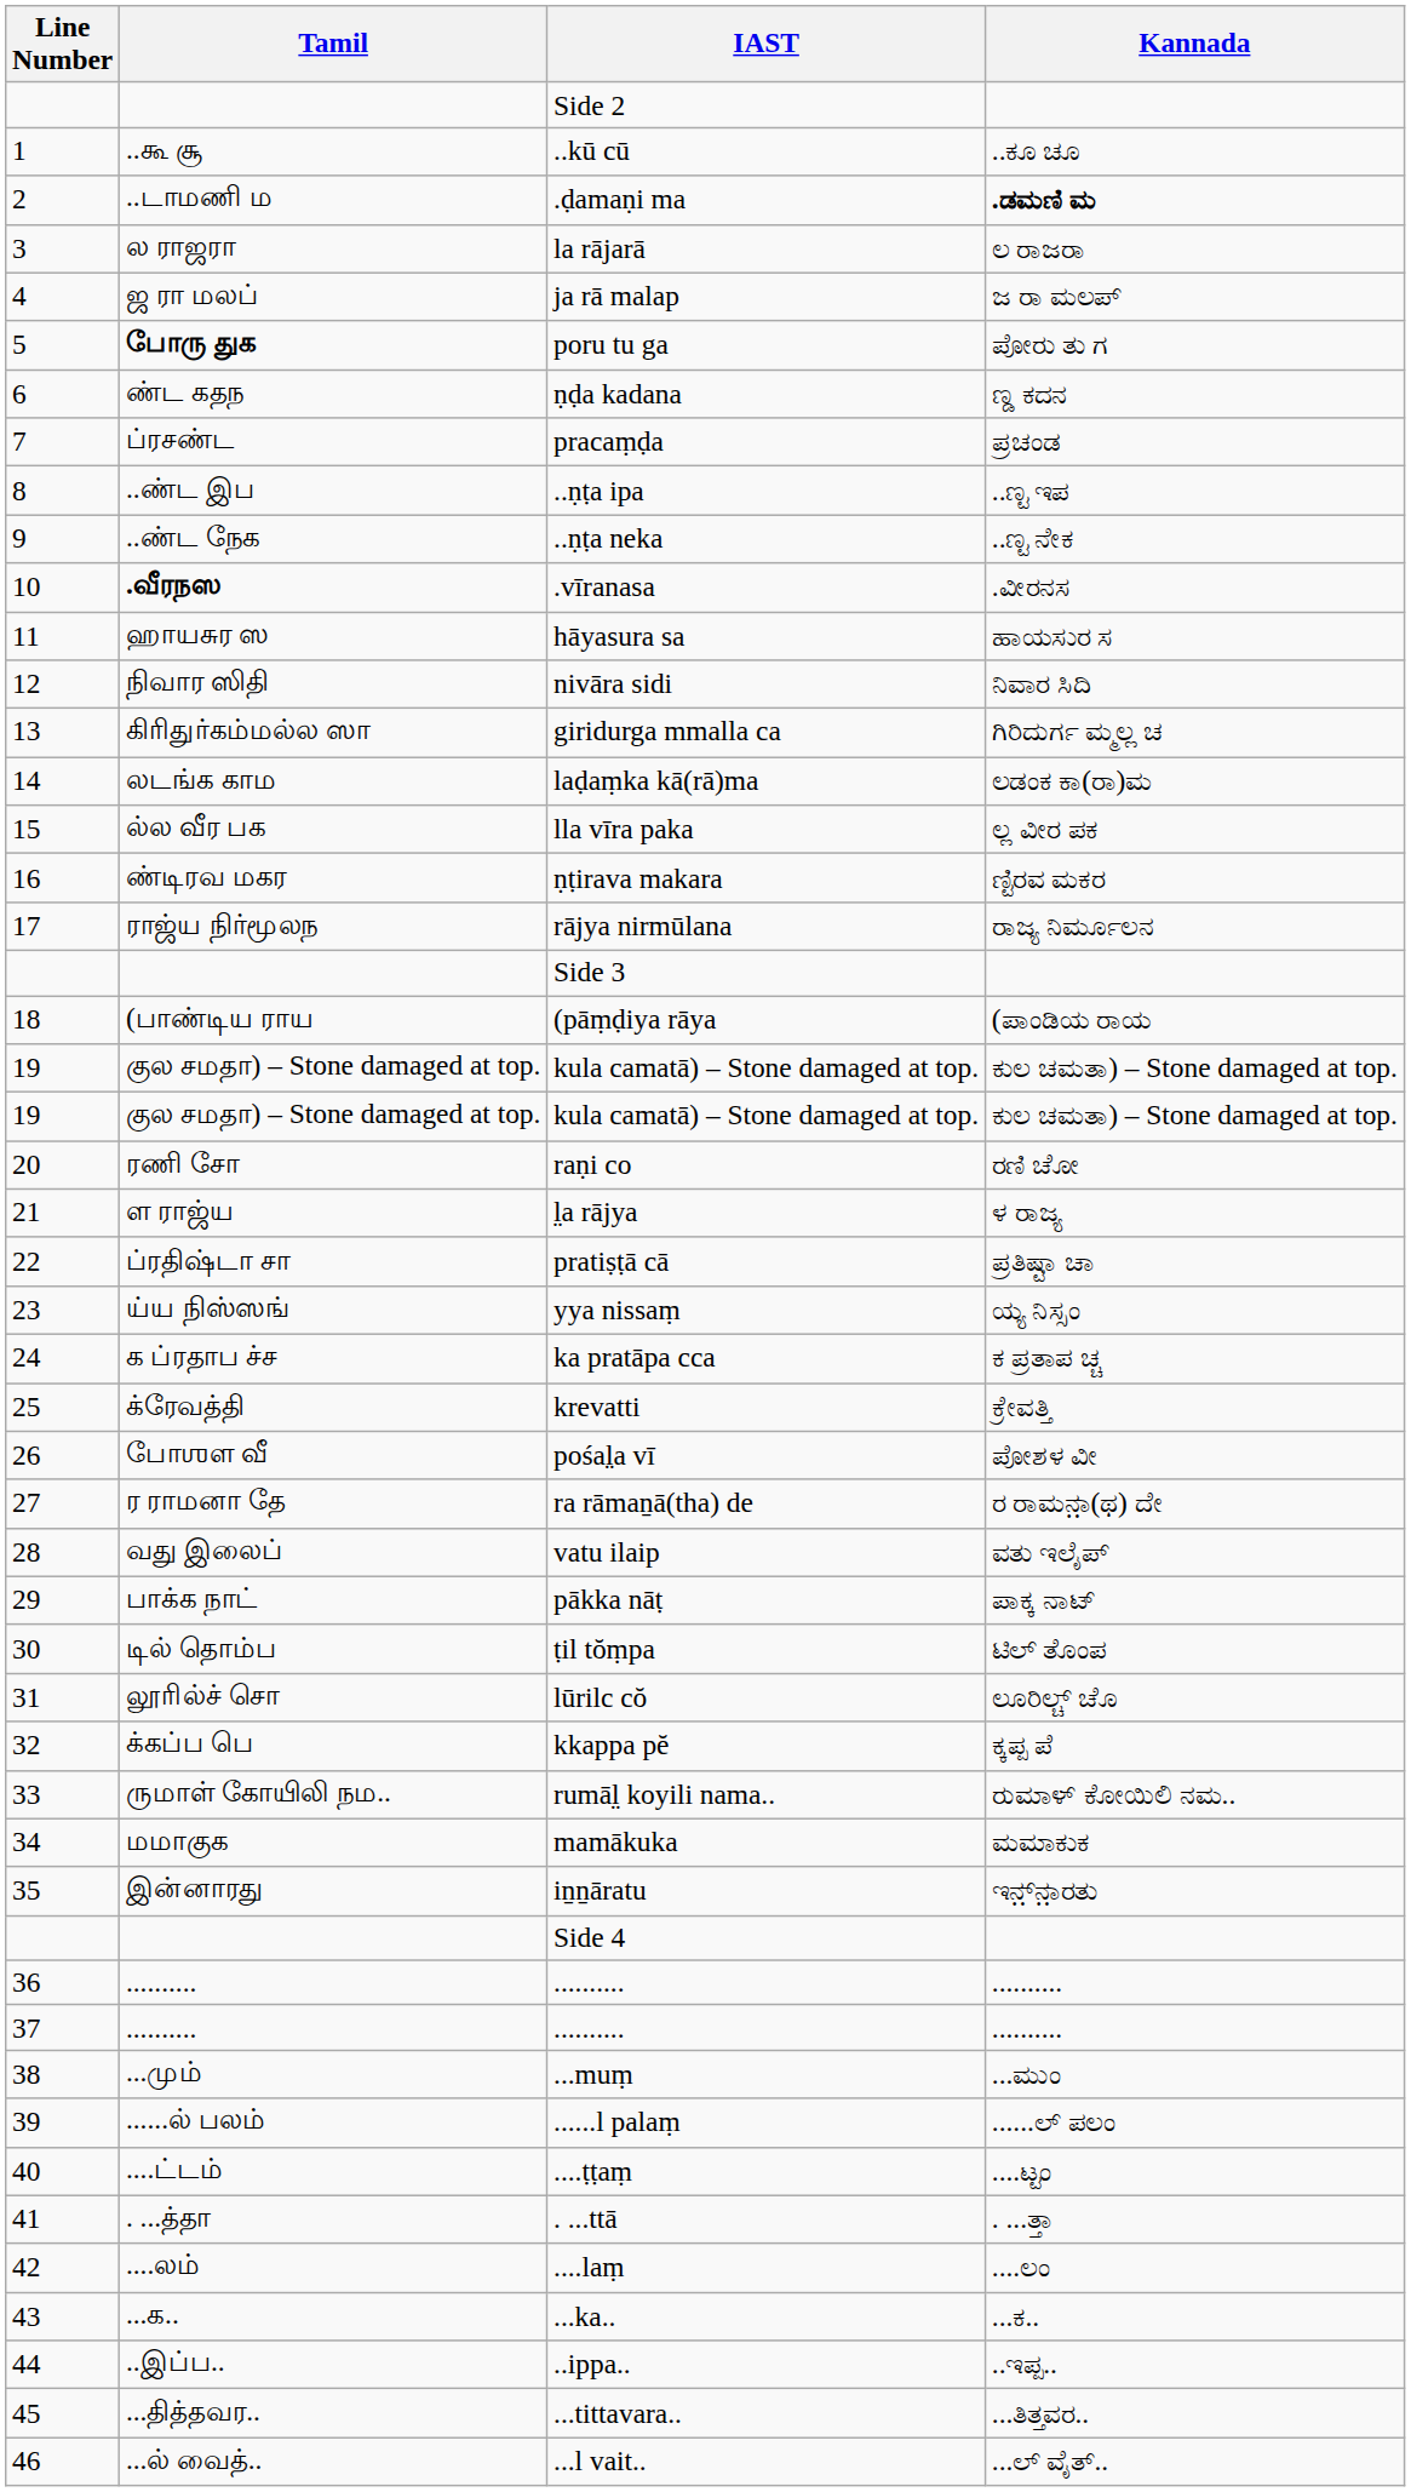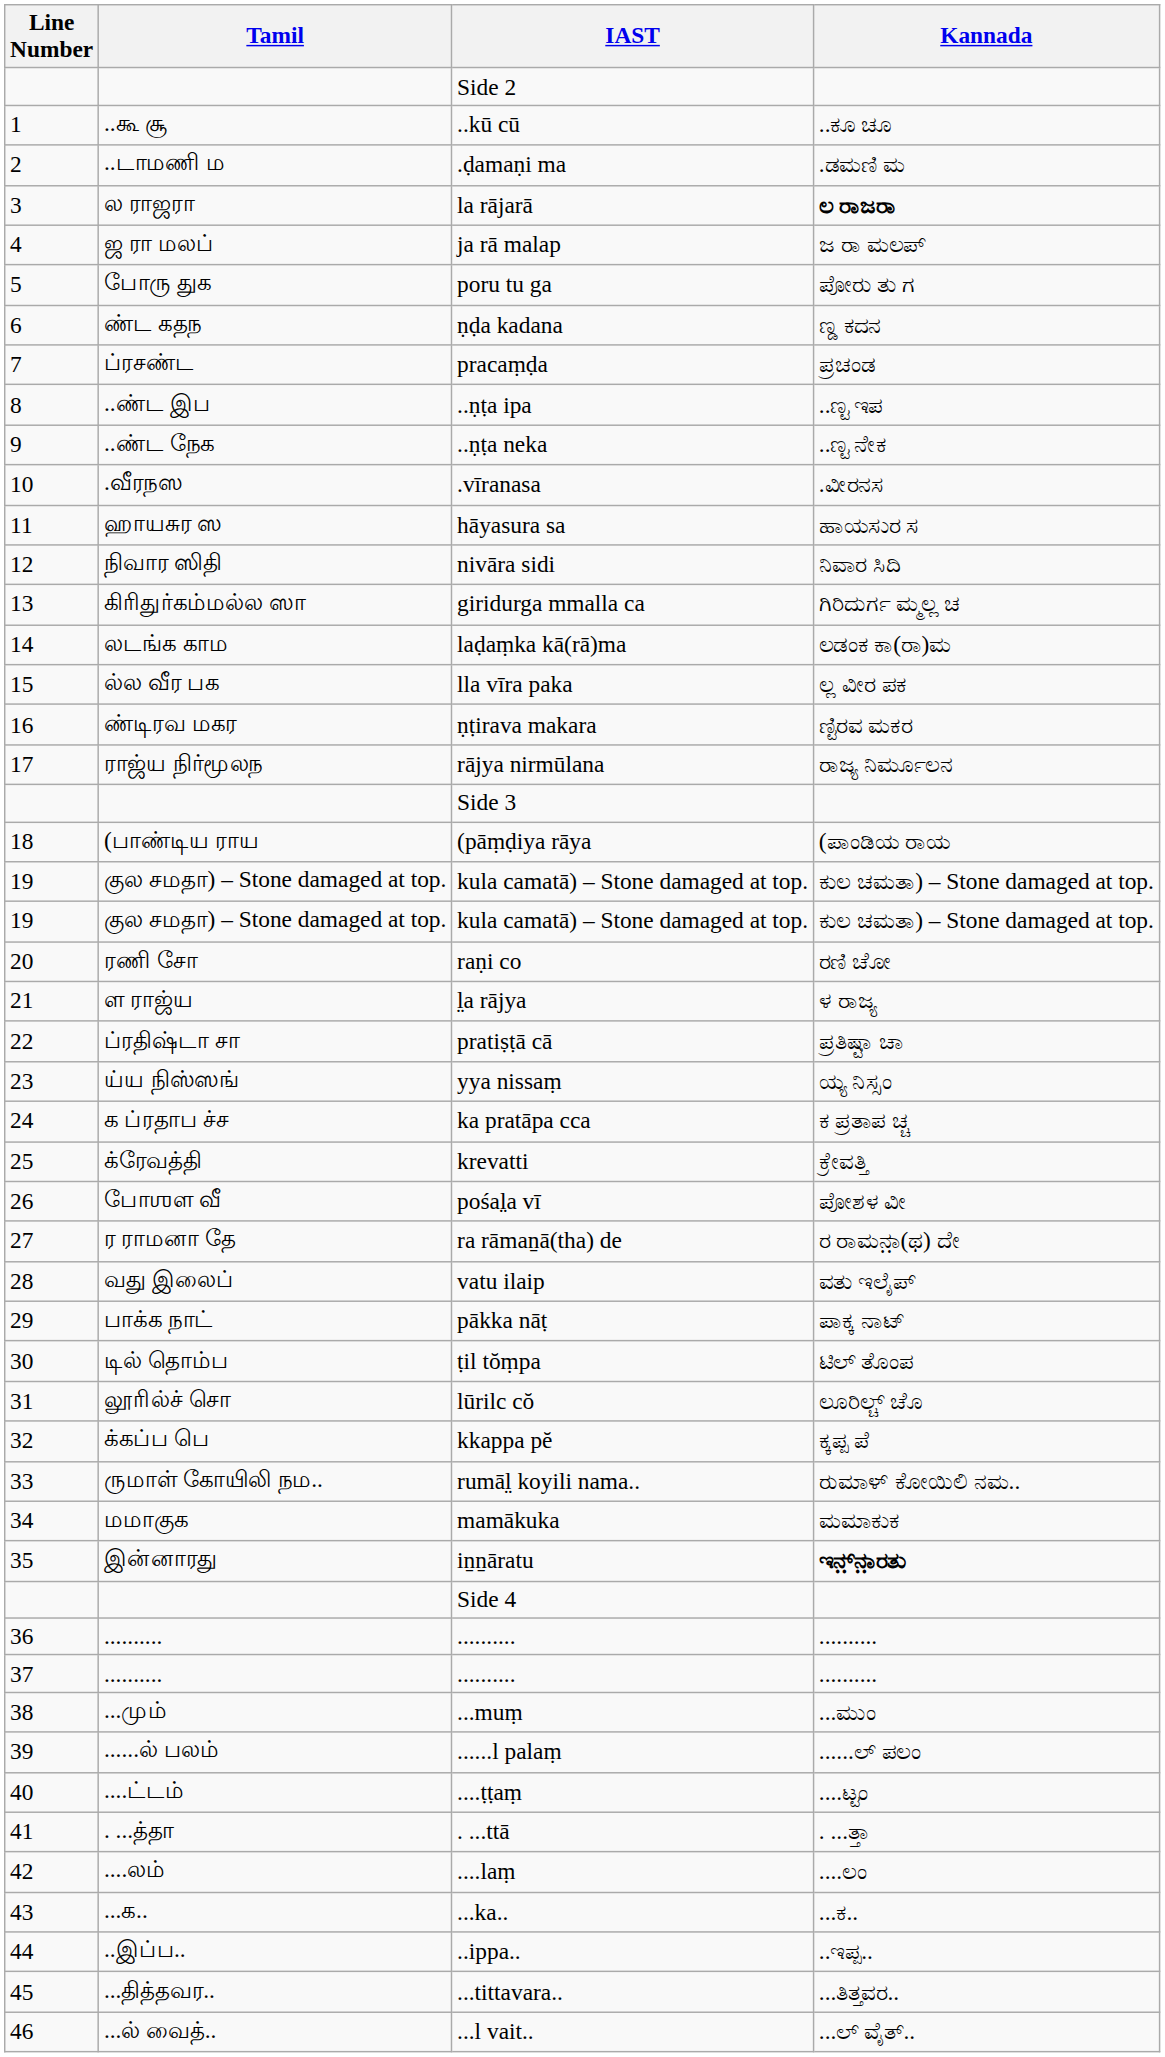 <table class="wikitable">
 <tr>
 <th>Line<br>Number</th>
 <th><a href='#'>Tamil</a></th>
 <th><a href='#'>IAST</a></th>
 <th><a href='#'>Kannada</a></th>
 </tr>
 <tr>
 <td></td>
 <td></td>
 <td>Side 2</td>
 <td></td>
 </tr>
 <tr>
 <td>1</td>
 <td>..கூ சூ</td>
 <td>..kū cū</td>
 <td>..ಕೂ ಚೂ</td>
 </tr>
 <tr>
 <td>2</td>
 <td>..டாமணி ம</td>
 <td>.ḍamaṇi ma</td>
-<td><strong>.ಡಮಣಿ ಮ</strong></td>
+<td>.ಡಮಣಿ ಮ</td>
 </tr>
 <tr>
 <td>3</td>
 <td>ல ராஜரா</td>
 <td>la rājarā</td>
-<td>ಲ ರಾಜರಾ</td>
+<td><strong>ಲ ರಾಜರಾ</strong></td>
 </tr>
 <tr>
 <td>4</td>
 <td>ஜ ரா மலப்</td>
 <td>ja rā malap</td>
 <td>ಜ ರಾ ಮಲಪ್</td>
 </tr>
 <tr>
 <td>5</td>
-<td><strong>போரு துக</strong></td>
+<td>போரு துக</td>
 <td>poru tu ga</td>
 <td>ಪೋರು ತು ಗ</td>
 </tr>
 <tr>
 <td>6</td>
 <td>ண்ட கதந</td>
 <td>ṇḍa kadana</td>
 <td>ಣ್ಡ ಕದನ</td>
 </tr>
 <tr>
 <td>7</td>
 <td>ப்ரசண்ட</td>
 <td>pracaṃḍa</td>
 <td>ಪ್ರಚಂಡ</td>
 </tr>
 <tr>
 <td>8</td>
 <td>..ண்ட இப</td>
 <td>..ṇṭa ipa</td>
 <td>..ಣ್ಟ ಇಪ</td>
 </tr>
 <tr>
 <td>9</td>
 <td>..ண்ட நேக</td>
 <td>..ṇṭa neka</td>
 <td>..ಣ್ಟ ನೇಕ</td>
 </tr>
 <tr>
 <td>10</td>
-<td><strong>.வீரநஸ</strong></td>
+<td>.வீரநஸ</td>
 <td>.vīranasa</td>
 <td>.ವೀರನಸ</td>
 </tr>
 <tr>
 <td>11</td>
 <td>ஹாயசுர ஸ</td>
 <td>hāyasura sa</td>
 <td>ಹಾಯಸುರ ಸ</td>
 </tr>
 <tr>
 <td>12</td>
 <td>நிவார ஸிதி</td>
 <td>nivāra sidi</td>
 <td>ನಿವಾರ ಸಿದಿ</td>
 </tr>
 <tr>
 <td>13</td>
 <td>கிரிதுர்கம்மல்ல ஸா</td>
 <td>giridurga mmalla ca</td>
 <td>ಗಿರಿದುರ್ಗ ಮ್ಮಲ್ಲ ಚ</td>
 </tr>
 <tr>
 <td>14</td>
 <td>லடங்க காம</td>
 <td>laḍaṃka kā(rā)ma</td>
 <td>ಲಡಂಕ ಕಾ(ರಾ)ಮ</td>
 </tr>
 <tr>
 <td>15</td>
 <td>ல்ல வீர பக</td>
 <td>lla vīra paka</td>
 <td>ಲ್ಲ ವೀರ ಪಕ</td>
 </tr>
 <tr>
 <td>16</td>
 <td>ண்டிரவ மகர</td>
 <td>ṇṭirava makara</td>
 <td>ಣ್ಟಿರವ ಮಕರ</td>
 </tr>
 <tr>
 <td>17</td>
 <td>ராஜ்ய நிர்மூலந</td>
 <td>rājya nirmūlana</td>
 <td>ರಾಜ್ಯ ನಿರ್ಮೂಲನ</td>
 </tr>
 <tr>
 <td></td>
 <td></td>
 <td>Side 3</td>
 <td></td>
 </tr>
 <tr>
 <td>18</td>
 <td>(பாண்டிய ராய</td>
 <td>(pāṃḍiya rāya</td>
 <td>(ಪಾಂಡಿಯ ರಾಯ</td>
 </tr>
 <tr>
 <td>19</td>
 <td>குல சமதா) – Stone damaged at top.</td>
 <td>kula camatā) – Stone damaged at top.</td>
 <td>ಕುಲ ಚಮತಾ) – Stone damaged at top.</td>
 </tr>
 <tr>
 <td>19</td>
 <td>குல சமதா) – Stone damaged at top.</td>
 <td>kula camatā) – Stone damaged at top.</td>
 <td>ಕುಲ ಚಮತಾ) – Stone damaged at top.</td>
 </tr>
 <tr>
 <td>20</td>
 <td>ரணி சோ</td>
 <td>raṇi co</td>
 <td>ರಣಿ ಚೋ</td>
 </tr>
 <tr>
 <td>21</td>
 <td>ள ராஜ்ய</td>
 <td>l̤a rājya</td>
 <td>ಳ ರಾಜ್ಯ</td>
 </tr>
 <tr>
 <td>22</td>
 <td>ப்ரதிஷ்டா சா</td>
 <td>pratiṣṭā cā</td>
 <td>ಪ್ರತಿಷ್ಟಾ ಚಾ</td>
 </tr>
 <tr>
 <td>23</td>
 <td>ய்ய நிஸ்ஸங்</td>
 <td>yya nissaṃ</td>
 <td>ಯ್ಯ ನಿಸ್ಸಂ</td>
 </tr>
 <tr>
 <td>24</td>
 <td>க ப்ரதாப ச்ச</td>
 <td>ka pratāpa cca</td>
 <td>ಕ ಪ್ರತಾಪ ಚ್ಚ</td>
 </tr>
 <tr>
 <td>25</td>
 <td>க்ரேவத்தி</td>
 <td>krevatti</td>
 <td>ಕ್ರೇವತ್ತಿ</td>
 </tr>
 <tr>
 <td>26</td>
 <td>போஶள வீ</td>
 <td>pośal̤a vī</td>
 <td>ಪೋಶಳ ವೀ</td>
 </tr>
 <tr>
 <td>27</td>
 <td>ர ராமனா தே</td>
 <td>ra rāmaṉā(tha) de</td>
 <td>ರ ರಾಮನ಼ಾ(ಥ) ದೇ</td>
 </tr>
 <tr>
 <td>28</td>
 <td>வது இலைப்</td>
 <td>vatu ilaip</td>
 <td>ವತು ಇಲೈಪ್</td>
 </tr>
 <tr>
 <td>29</td>
 <td>பாக்க நாட்</td>
 <td>pākka nāṭ</td>
 <td>ಪಾಕ್ಕ ನಾಟ್</td>
 </tr>
 <tr>
 <td>30</td>
 <td>டில் தொம்ப</td>
 <td>ṭil tŏṃpa</td>
 <td>ಟಿಲ್ ತೊಂಪ</td>
 </tr>
 <tr>
 <td>31</td>
 <td>லூரில்ச் சொ</td>
 <td>lūrilc cŏ</td>
 <td>ಲೂರಿಲ್ಚ್ ಚೊ</td>
 </tr>
 <tr>
 <td>32</td>
 <td>க்கப்ப பெ</td>
 <td>kkappa pĕ</td>
 <td>ಕ್ಕಪ್ಪ ಪೆ</td>
 </tr>
 <tr>
 <td>33</td>
 <td>ருமாள் கோயிலி நம..</td>
 <td>rumāl̤ koyili nama..</td>
 <td>ರುಮಾಳ್ ಕೋಯಿಲಿ ನಮ..</td>
 </tr>
 <tr>
 <td>34</td>
 <td>மமாகுக</td>
 <td>mamākuka</td>
 <td>ಮಮಾಕುಕ</td>
 </tr>
 <tr>
 <td>35</td>
 <td>இன்னாரது</td>
 <td>iṉṉāratu</td>
-<td>ಇನ಼್‌ನ಼ಾರತು</td>
+<td><strong>ಇನ಼್‌ನ಼ಾರತು</strong></td>
 </tr>
 <tr>
 <td></td>
 <td></td>
 <td>Side 4</td>
 <td></td>
 </tr>
 <tr>
 <td>36</td>
 <td>..........</td>
 <td>..........</td>
 <td>..........</td>
 </tr>
 <tr>
 <td>37</td>
 <td>..........</td>
 <td>..........</td>
 <td>..........</td>
 </tr>
 <tr>
 <td>38</td>
 <td>...மும்</td>
 <td>...muṃ</td>
 <td>...ಮುಂ</td>
 </tr>
 <tr>
 <td>39</td>
 <td>......ல் பலம்</td>
 <td>......l palaṃ</td>
 <td>......ಲ್ ಪಲಂ</td>
 </tr>
 <tr>
 <td>40</td>
 <td>....ட்டம்</td>
 <td>....ṭṭaṃ</td>
 <td>....ಟ್ಟಂ</td>
 </tr>
 <tr>
 <td>41</td>
 <td>. ...த்தா</td>
 <td>. ...ttā</td>
 <td>. ...ತ್ತಾ</td>
 </tr>
 <tr>
 <td>42</td>
 <td>....லம்</td>
 <td>....laṃ</td>
 <td>....ಲಂ</td>
 </tr>
 <tr>
 <td>43</td>
 <td>...க..</td>
 <td>...ka..</td>
 <td>...ಕ..</td>
 </tr>
 <tr>
 <td>44</td>
 <td>..இப்ப..</td>
 <td>..ippa..</td>
 <td>..ಇಪ್ಪ..</td>
 </tr>
 <tr>
 <td>45</td>
 <td>...தித்தவர..</td>
 <td>...tittavara..</td>
 <td>...ತಿತ್ತವರ..</td>
 </tr>
 <tr>
 <td>46</td>
 <td>...ல் வைத்..</td>
 <td>...l vait..</td>
 <td>...ಲ್ ವೈತ್..</td>
 </tr>
 </table>
